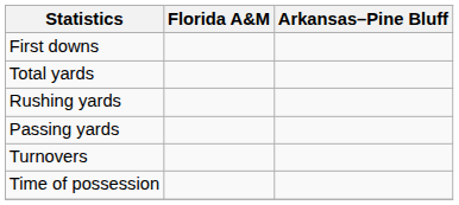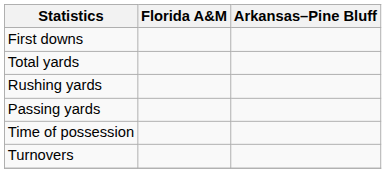 <table class="wikitable">
 <tr>
 <th>Statistics</th>
 <th>Florida A&M</th>
 <th>Arkansas–Pine Bluff</th>
 </tr>
 <tr>
 <td>First downs</td>
 <td> </td>
 <td> </td>
 </tr>
 <tr>
 <td>Total yards</td>
 <td> </td>
 <td> </td>
 </tr>
 <tr>
 <td>Rushing yards</td>
 <td> </td>
 <td> </td>
 </tr>
 <tr>
 <td>Passing yards</td>
 <td> </td>
 <td> </td>
 </tr>
 <tr>
-<td>Turnovers</td>
+<td>Time of possession</td>
 <td> </td>
 <td> </td>
 </tr>
 <tr>
-<td>Time of possession</td>
+<td>Turnovers</td>
 <td> </td>
 <td> </td>
 </tr>
 <tr>
 </tr>
 </table>
